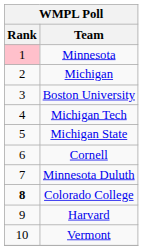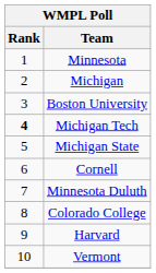 <table class="wikitable" style="text-align:center;">
 <tr>
 <th colspan=2><strong>WMPL Poll</strong></th>
 </tr>
 <tr>
 <th>Rank</th>
 <th>Team</th>
 </tr>
 <tr>
-<td style="background: pink;">1</td>
+<td>1</td>
 <td><a href='#'>Minnesota</a></td>
 </tr>
 <tr>
 <td>2</td>
 <td><a href='#'>Michigan</a></td>
 </tr>
 <tr>
 <td>3</td>
 <td><a href='#'>Boston University</a></td>
 </tr>
 <tr>
-<td>4</td>
+<td><strong>4</strong></td>
 <td><a href='#'>Michigan Tech</a></td>
 </tr>
 <tr>
 <td>5</td>
 <td><a href='#'>Michigan State</a></td>
 </tr>
 <tr>
 <td>6</td>
 <td><a href='#'>Cornell</a></td>
 </tr>
 <tr>
 <td>7</td>
 <td><a href='#'>Minnesota Duluth</a></td>
 </tr>
 <tr>
-<td><strong>8</strong></td>
+<td>8</td>
 <td><a href='#'>Colorado College</a></td>
 </tr>
 <tr>
 <td>9</td>
 <td><a href='#'>Harvard</a></td>
 </tr>
 <tr>
 <td>10</td>
 <td><a href='#'>Vermont</a></td>
 </tr>
 <tr>
 </tr>
 </table>
